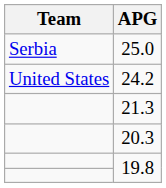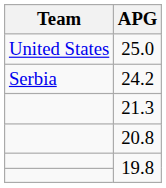 <table class=wikitable>
 <tr>
 <th>Team</th>
 <th>APG</th>
 </tr>
 <tr>
-<td> <a href='#'>Serbia</a></td>
+<td> <a href='#'>United States</a></td>
 <td align=center>25.0</td>
 </tr>
 <tr>
-<td> <a href='#'>United States</a></td>
+<td> <a href='#'>Serbia</a></td>
 <td align=center>24.2</td>
 </tr>
 <tr>
 <td></td>
 <td align=center>21.3</td>
 </tr>
 <tr>
 <td></td>
-<td align=center>20.3</td>
+<td align=center>20.8</td>
 </tr>
 <tr>
 <td></td>
 <td align=center rowspan=2>19.8</td>
 </tr>
 <tr>
 <td></td>
 </tr>
 </table>
